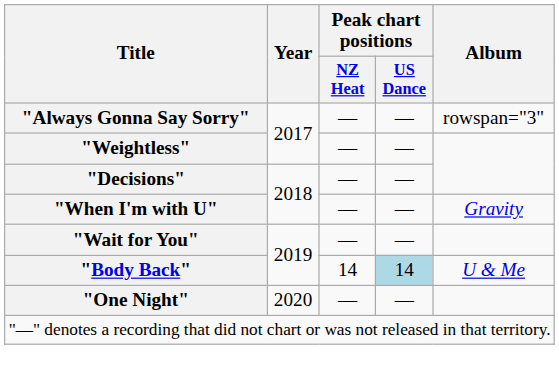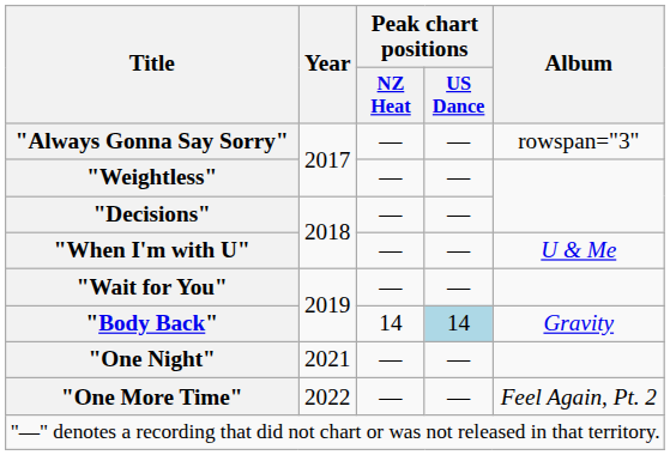 <table class="wikitable plainrowheaders" style="text-align:center;">
 <tr>
 <th scope="col" rowspan="2">Title</th>
 <th scope="col" rowspan="2">Year</th>
 <th scope="col" colspan="2">Peak chart positions</th>
 <th scope="col" rowspan="2">Album</th>
 </tr>
 <tr>
 <th scope="col" style="width:3em;font-size:85%;"><a href='#'>NZ Heat</a><br></th>
 <th scope="col" style="width:3em;font-size:85%;"><a href='#'>US Dance</a><br></th>
 </tr>
 <tr>
 <th scope="row">"Always Gonna Say Sorry"<br></th>
 <td rowspan="2">2017</td>
 <td>—</td>
 <td>—</td>
 <td>rowspan="3"</td>
 </tr>
 <tr>
 <th scope="row">"Weightless"<br></th>
 <td>—</td>
 <td>—</td>
 </tr>
 <tr>
 <th scope="row">"Decisions"<br></th>
 <td rowspan="2">2018</td>
 <td>—</td>
 <td>—</td>
 </tr>
 <tr>
 <th scope="row">"When I'm with U"<br></th>
 <td>—</td>
 <td>—</td>
-<td><em><a href='#'>Gravity</a></em></td>
+<td><em><a href='#'>U & Me</a></em></td>
 </tr>
 <tr>
 <th scope="row">"Wait for You"<br></th>
 <td rowspan="2">2019</td>
 <td>—</td>
 <td>—</td>
 <td></td>
 </tr>
 <tr>
 <th scope="row">"<a href='#'>Body Back</a>"<br></th>
 <td>14</td>
 <td style="background: lightblue;">14</td>
-<td><em><a href='#'>U & Me</a></em></td>
+<td><em><a href='#'>Gravity</a></em></td>
 </tr>
 <tr>
 <th scope="row">"One Night"<br></th>
-<td>2020</td>
+<td>2021</td>
 <td>—</td>
 <td>—</td>
 <td></td>
 </tr>
 <tr>
+<th scope="row">"One More Time"<br></th>
+<td>2022</td>
+<td>—</td>
+<td>—</td>
+<td><em>Feel Again, Pt. 2</em></td>
+</tr>
+<tr>
 <td colspan="5" style="font-size:90%">"—" denotes a recording that did not chart or was not released in that territory.</td>
 </tr>
 </table>
